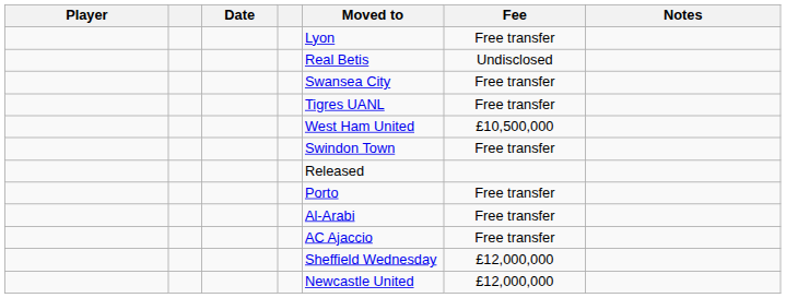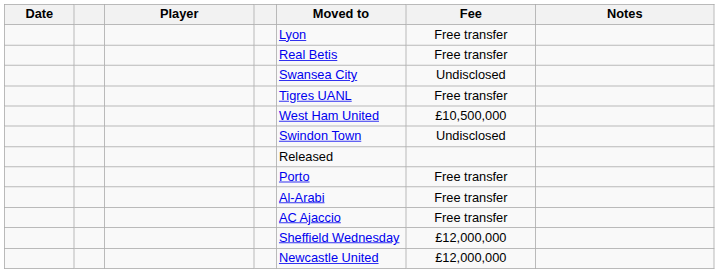 <table class="wikitable sortable">
 <tr>
+<th style="width:80px;">Date</th>
+<th style="width:30px;"></th>
 <th style="width:180px;">Player</th>
-<th style="width:30px;"></th>
-<th style="width:80px;">Date</th>
 <th style="width:20px;"></th>
 <th style="width:155px;">Moved to</th>
 <th style="width:155px;" class="unsortable">Fee</th>
 <th style="width:215px;" class="unsortable">Notes</th>
 </tr>
 <tr>
+<td></td>
+<td align=center></td>
 <td> </td>
-<td align=center></td>
-<td></td>
 <td></td>
 <td> <a href='#'>Lyon</a></td>
 <td align=center>Free transfer</td>
 <td align=center></td>
 </tr>
 <tr>
+<td></td>
+<td align=center></td>
 <td> </td>
-<td align=center></td>
-<td></td>
 <td></td>
 <td> <a href='#'>Real Betis</a></td>
+<td align=center>Free transfer</td>
+<td align=center></td>
+</tr>
+<tr>
+<td></td>
+<td align=center></td>
+<td> </td>
+<td></td>
+<td> <a href='#'>Swansea City</a></td>
 <td align=center>Undisclosed</td>
 <td align=center></td>
 </tr>
 <tr>
+<td></td>
+<td align=center></td>
 <td> </td>
-<td align=center></td>
-<td></td>
-<td></td>
-<td> <a href='#'>Swansea City</a></td>
-<td align=center>Free transfer</td>
-<td align=center></td>
-</tr>
-<tr>
-<td> </td>
-<td align=center></td>
-<td></td>
 <td></td>
 <td> <a href='#'>Tigres UANL</a></td>
 <td align=center>Free transfer</td>
 <td align=center></td>
 </tr>
 <tr>
+<td></td>
+<td align=center></td>
 <td> </td>
-<td align=center></td>
-<td></td>
 <td></td>
 <td> <a href='#'>West Ham United</a></td>
 <td align=center>£10,500,000</td>
 <td align=center></td>
 </tr>
 <tr>
+<td></td>
+<td align=center></td>
 <td> </td>
-<td align=center></td>
-<td></td>
 <td></td>
 <td> <a href='#'>Swindon Town</a></td>
-<td align=center>Free transfer</td>
+<td align=center>Undisclosed</td>
 <td align=center></td>
 </tr>
 <tr>
+<td></td>
+<td align=center></td>
 <td> </td>
-<td align=center></td>
-<td></td>
 <td></td>
 <td>Released</td>
 <td align=center></td>
 <td align=center></td>
 </tr>
 <tr>
+<td></td>
+<td align=center></td>
 <td> </td>
-<td align=center></td>
-<td></td>
 <td></td>
 <td> <a href='#'>Porto</a></td>
 <td align=center>Free transfer</td>
 <td align=center></td>
 </tr>
 <tr>
+<td></td>
+<td align=center></td>
 <td> </td>
-<td align=center></td>
-<td></td>
 <td></td>
 <td> <a href='#'>Al-Arabi</a></td>
 <td align=center>Free transfer</td>
 <td align=center></td>
 </tr>
 <tr>
+<td></td>
+<td align=center></td>
 <td> </td>
-<td align=center></td>
-<td></td>
 <td></td>
 <td> <a href='#'>AC Ajaccio</a></td>
 <td align=center>Free transfer</td>
 <td align=center></td>
 </tr>
 <tr>
+<td></td>
+<td align=center></td>
 <td> </td>
-<td align=center></td>
-<td></td>
 <td></td>
 <td> <a href='#'>Sheffield Wednesday</a></td>
 <td align=center>£12,000,000</td>
 <td align=center></td>
 </tr>
 <tr>
+<td></td>
+<td align=center></td>
 <td> </td>
-<td align=center></td>
-<td></td>
 <td></td>
 <td> <a href='#'>Newcastle United</a></td>
 <td align=center>£12,000,000</td>
 <td align=center></td>
 </tr>
 </table>
